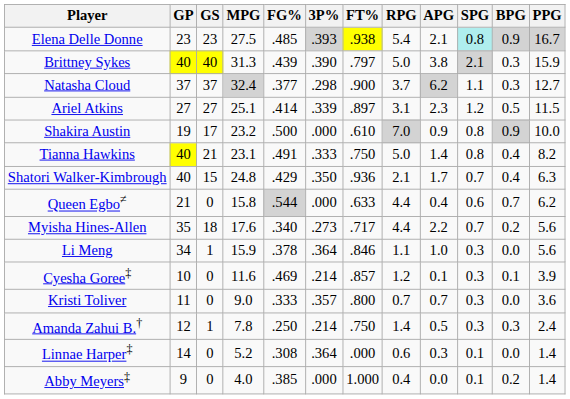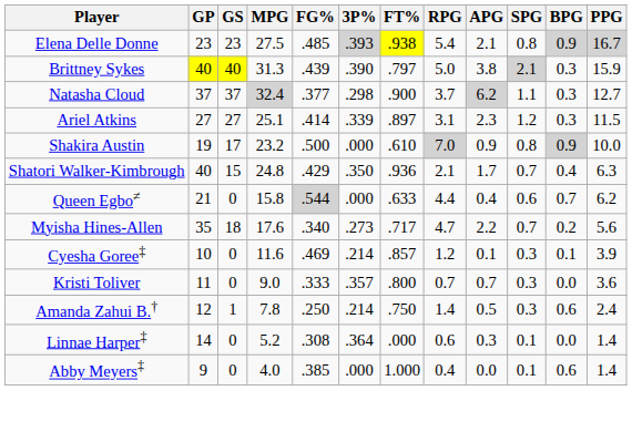 <table class="wikitable sortable" style="text-align:center;">
 <tr>
 <th>Player</th>
 <th>GP</th>
 <th>GS</th>
 <th>MPG</th>
 <th>FG%</th>
 <th>3P%</th>
 <th>FT%</th>
 <th>RPG</th>
 <th>APG</th>
 <th>SPG</th>
 <th>BPG</th>
 <th>PPG</th>
 </tr>
 <tr>
 <td><a href='#'>Elena Delle Donne</a></td>
 <td>23</td>
 <td>23</td>
 <td>27.5</td>
 <td>.485</td>
 <td style="background:#D3D3D3;">.393</td>
 <td style="background:yellow;">.938</td>
 <td>5.4</td>
 <td>2.1</td>
-<td style="background: paleturquoise;">0.8</td>
+<td>0.8</td>
 <td style="background:#D3D3D3;">0.9</td>
 <td style="background:#D3D3D3;">16.7</td>
 </tr>
 <tr>
 <td><a href='#'>Brittney Sykes</a></td>
 <td style="background:yellow;">40</td>
 <td style="background:yellow;">40</td>
 <td>31.3</td>
 <td>.439</td>
 <td>.390</td>
 <td>.797</td>
 <td>5.0</td>
 <td>3.8</td>
 <td style="background:#D3D3D3;">2.1</td>
 <td>0.3</td>
 <td>15.9</td>
 </tr>
 <tr>
 <td><a href='#'>Natasha Cloud</a></td>
 <td>37</td>
 <td>37</td>
 <td style="background:#D3D3D3;">32.4</td>
 <td>.377</td>
 <td>.298</td>
 <td>.900</td>
 <td>3.7</td>
 <td style="background:#D3D3D3;">6.2</td>
 <td>1.1</td>
 <td>0.3</td>
 <td>12.7</td>
 </tr>
 <tr>
 <td><a href='#'>Ariel Atkins</a></td>
 <td>27</td>
 <td>27</td>
 <td>25.1</td>
 <td>.414</td>
 <td>.339</td>
 <td>.897</td>
 <td>3.1</td>
 <td>2.3</td>
 <td>1.2</td>
-<td>0.5</td>
+<td>0.3</td>
 <td>11.5</td>
 </tr>
 <tr>
 <td><a href='#'>Shakira Austin</a></td>
 <td>19</td>
 <td>17</td>
 <td>23.2</td>
 <td>.500</td>
 <td>.000</td>
 <td>.610</td>
 <td style="background:#D3D3D3;">7.0</td>
 <td>0.9</td>
 <td>0.8</td>
 <td style="background:#D3D3D3;">0.9</td>
 <td>10.0</td>
-</tr>
-<tr>
-<td><a href='#'>Tianna Hawkins</a></td>
-<td style="background:yellow;">40</td>
-<td>21</td>
-<td>23.1</td>
-<td>.491</td>
-<td>.333</td>
-<td>.750</td>
-<td>5.0</td>
-<td>1.4</td>
-<td>0.8</td>
-<td>0.4</td>
-<td>8.2</td>
 </tr>
 <tr>
 <td><a href='#'>Shatori Walker-Kimbrough</a></td>
 <td>40</td>
 <td>15</td>
 <td>24.8</td>
 <td>.429</td>
 <td>.350</td>
 <td>.936</td>
 <td>2.1</td>
 <td>1.7</td>
 <td>0.7</td>
 <td>0.4</td>
 <td>6.3</td>
 </tr>
 <tr>
 <td><a href='#'>Queen Egbo</a><sup>≠</sup></td>
 <td>21</td>
 <td>0</td>
 <td>15.8</td>
 <td style="background:#D3D3D3;">.544</td>
 <td>.000</td>
 <td>.633</td>
 <td>4.4</td>
 <td>0.4</td>
 <td>0.6</td>
 <td>0.7</td>
 <td>6.2</td>
 </tr>
 <tr>
 <td><a href='#'>Myisha Hines-Allen</a></td>
 <td>35</td>
 <td>18</td>
 <td>17.6</td>
 <td>.340</td>
 <td>.273</td>
 <td>.717</td>
-<td>4.4</td>
+<td>4.7</td>
 <td>2.2</td>
 <td>0.7</td>
 <td>0.2</td>
-<td>5.6</td>
-</tr>
-<tr>
-<td><a href='#'>Li Meng</a></td>
-<td>34</td>
-<td>1</td>
-<td>15.9</td>
-<td>.378</td>
-<td>.364</td>
-<td>.846</td>
-<td>1.1</td>
-<td>1.0</td>
-<td>0.3</td>
-<td>0.0</td>
 <td>5.6</td>
 </tr>
 <tr>
 <td><a href='#'>Cyesha Goree</a><sup>‡</sup></td>
 <td>10</td>
 <td>0</td>
 <td>11.6</td>
 <td>.469</td>
 <td>.214</td>
 <td>.857</td>
 <td>1.2</td>
 <td>0.1</td>
 <td>0.3</td>
 <td>0.1</td>
 <td>3.9</td>
 </tr>
 <tr>
 <td><a href='#'>Kristi Toliver</a></td>
 <td>11</td>
 <td>0</td>
 <td>9.0</td>
 <td>.333</td>
 <td>.357</td>
 <td>.800</td>
 <td>0.7</td>
 <td>0.7</td>
 <td>0.3</td>
 <td>0.0</td>
 <td>3.6</td>
 </tr>
 <tr>
 <td><a href='#'>Amanda Zahui B.</a><sup>†</sup></td>
 <td>12</td>
 <td>1</td>
 <td>7.8</td>
 <td>.250</td>
 <td>.214</td>
 <td>.750</td>
 <td>1.4</td>
 <td>0.5</td>
 <td>0.3</td>
-<td>0.3</td>
+<td>0.6</td>
 <td>2.4</td>
 </tr>
 <tr>
 <td><a href='#'>Linnae Harper</a><sup>‡</sup></td>
 <td>14</td>
 <td>0</td>
 <td>5.2</td>
 <td>.308</td>
 <td>.364</td>
 <td>.000</td>
 <td>0.6</td>
 <td>0.3</td>
 <td>0.1</td>
 <td>0.0</td>
 <td>1.4</td>
 </tr>
 <tr>
 <td><a href='#'>Abby Meyers</a><sup>‡</sup></td>
 <td>9</td>
 <td>0</td>
 <td>4.0</td>
 <td>.385</td>
 <td>.000</td>
 <td>1.000</td>
 <td>0.4</td>
 <td>0.0</td>
 <td>0.1</td>
-<td>0.2</td>
+<td>0.6</td>
 <td>1.4</td>
 </tr>
 </table>
